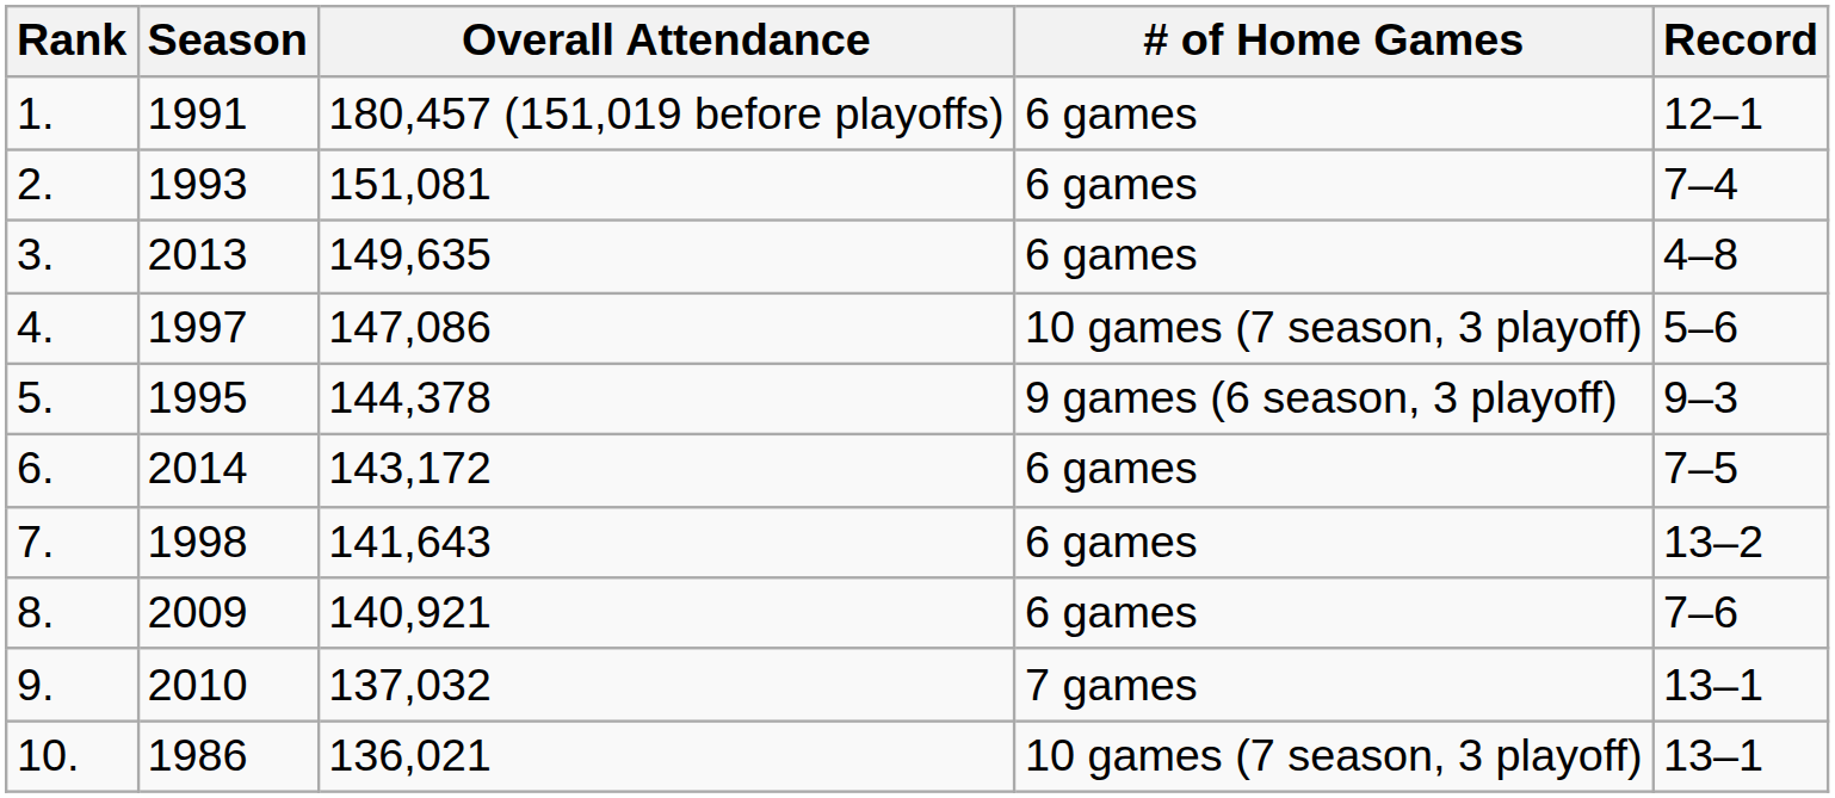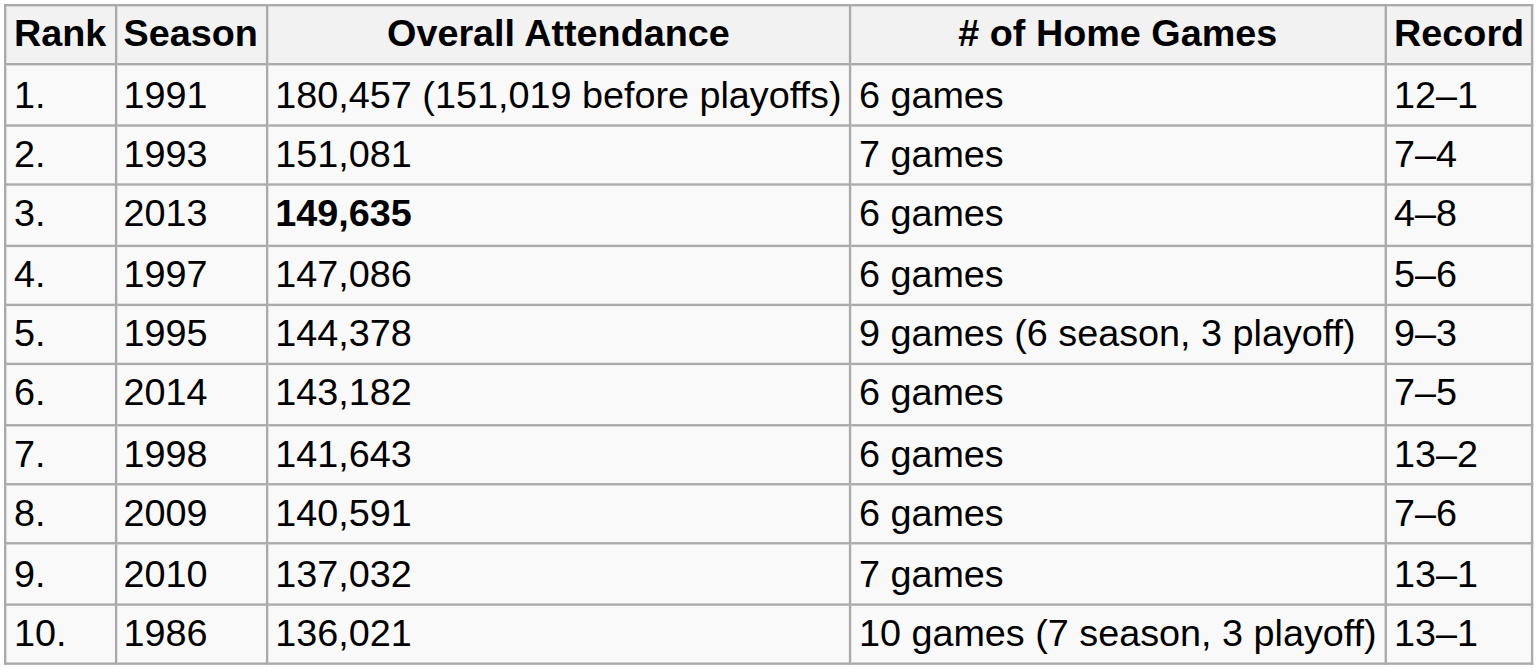 <table class="wikitable">
 <tr>
 <th>Rank</th>
 <th>Season</th>
 <th>Overall Attendance</th>
 <th># of Home Games</th>
 <th>Record</th>
 </tr>
 <tr>
 <td>1.</td>
 <td>1991</td>
 <td>180,457 (151,019 before playoffs)</td>
 <td>6 games</td>
 <td>12–1</td>
 </tr>
 <tr>
 <td>2.</td>
 <td>1993</td>
 <td>151,081</td>
-<td>6 games</td>
+<td>7 games</td>
 <td>7–4</td>
 </tr>
 <tr>
 <td>3.</td>
 <td>2013</td>
-<td>149,635</td>
+<td><strong>149,635</strong></td>
 <td>6 games</td>
 <td>4–8</td>
 </tr>
 <tr>
 <td>4.</td>
 <td>1997</td>
 <td>147,086</td>
-<td>10 games (7 season, 3 playoff)</td>
+<td>6 games</td>
 <td>5–6</td>
 </tr>
 <tr>
 <td>5.</td>
 <td>1995</td>
 <td>144,378</td>
 <td>9 games (6 season, 3 playoff)</td>
 <td>9–3</td>
 </tr>
 <tr>
 <td>6.</td>
 <td>2014</td>
-<td>143,172</td>
+<td>143,182</td>
 <td>6 games</td>
 <td>7–5</td>
 </tr>
 <tr>
 <td>7.</td>
 <td>1998</td>
 <td>141,643</td>
 <td>6 games</td>
 <td>13–2</td>
 </tr>
 <tr>
 <td>8.</td>
 <td>2009</td>
-<td>140,921</td>
+<td>140,591</td>
 <td>6 games</td>
 <td>7–6</td>
 </tr>
 <tr>
 <td>9.</td>
 <td>2010</td>
 <td>137,032</td>
 <td>7 games</td>
 <td>13–1</td>
 </tr>
 <tr>
 <td>10.</td>
 <td>1986</td>
 <td>136,021</td>
 <td>10 games (7 season, 3 playoff)</td>
 <td>13–1</td>
 </tr>
 </table>
